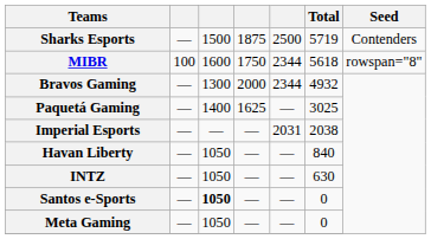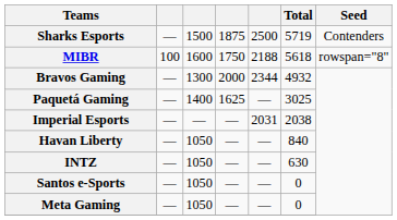 <table class="wikitable plainrowheaders" style="text-align:center;">
 <tr>
 <th scope="col" style="width:11em;">Teams</th>
 <th scope="col"></th>
 <th scope="col"></th>
 <th scope="col"></th>
 <th scope="col"></th>
 <th scope="col">Total</th>
 <th scope="col">Seed</th>
 </tr>
 <tr>
 <th scope="row">Sharks Esports</th>
 <td>—</td>
 <td>1500</td>
 <td>1875</td>
 <td>2500</td>
 <td>5719</td>
 <td>Contenders</td>
 </tr>
 <tr>
 <th scope="row"><a href='#'>MIBR</a></th>
 <td>100</td>
 <td>1600</td>
 <td>1750</td>
-<td>2344</td>
+<td>2188</td>
 <td>5618</td>
 <td>rowspan="8" </td>
 </tr>
 <tr>
 <th scope="row">Bravos Gaming</th>
 <td>—</td>
 <td>1300</td>
 <td>2000</td>
 <td>2344</td>
 <td>4932</td>
 </tr>
 <tr>
 <th scope="row">Paquetá Gaming</th>
 <td>—</td>
 <td>1400</td>
 <td>1625</td>
 <td>—</td>
 <td>3025</td>
 </tr>
 <tr>
 <th scope="row">Imperial Esports</th>
 <td>—</td>
 <td>—</td>
 <td>—</td>
 <td>2031</td>
 <td>2038</td>
 </tr>
 <tr>
 <th scope="row">Havan Liberty</th>
 <td>—</td>
 <td>1050</td>
 <td>—</td>
 <td>—</td>
 <td>840</td>
 </tr>
 <tr>
 <th scope="row">INTZ</th>
 <td>—</td>
 <td>1050</td>
 <td>—</td>
 <td>—</td>
 <td>630</td>
 </tr>
 <tr>
 <th scope="row">Santos e-Sports</th>
 <td>—</td>
-<td><strong>1050</strong></td>
+<td>1050</td>
 <td>—</td>
 <td>—</td>
 <td>0</td>
 </tr>
 <tr>
 <th scope="row">Meta Gaming</th>
 <td>—</td>
 <td>1050</td>
 <td>—</td>
 <td>—</td>
 <td>0</td>
 </tr>
 <tr>
 </tr>
 </table>
